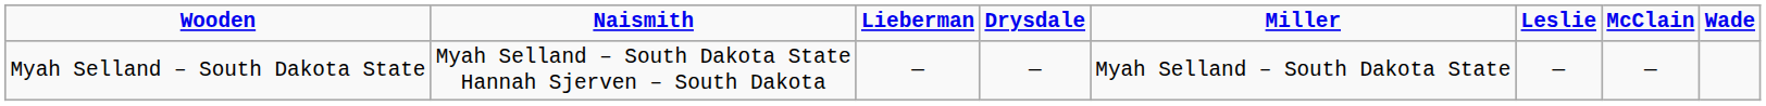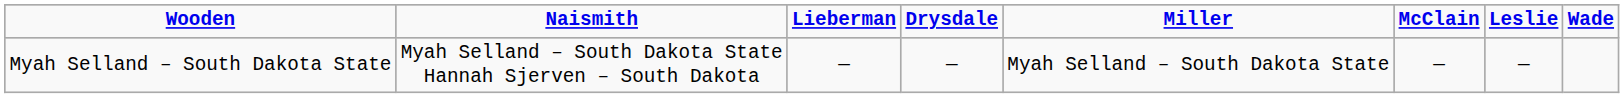 <table class="wikitable" style="white-space:nowrap; font-size:90%; text-align: center;">
 <tr>
 <td><strong><a href='#'>Wooden</a></strong></td>
 <td><strong><a href='#'>Naismith</a></strong></td>
 <td><strong><a href='#'>Lieberman</a></strong></td>
 <td><strong><a href='#'>Drysdale</a></strong></td>
 <td><strong><a href='#'>Miller</a></strong></td>
+<td><strong><a href='#'>McClain</a></strong></td>
 <td><strong><a href='#'>Leslie</a></strong></td>
-<td><strong><a href='#'>McClain</a></strong></td>
 <td><strong><a href='#'>Wade</a></strong></td>
 </tr>
 <tr>
 <td>Myah Selland – South Dakota State</td>
 <td>Myah Selland – South Dakota State<br>Hannah Sjerven – South Dakota</td>
 <td>―</td>
 <td>―</td>
 <td>Myah Selland – South Dakota State</td>
 <td>―</td>
 <td>―</td>
 <td></td>
 </tr>
 </table>
